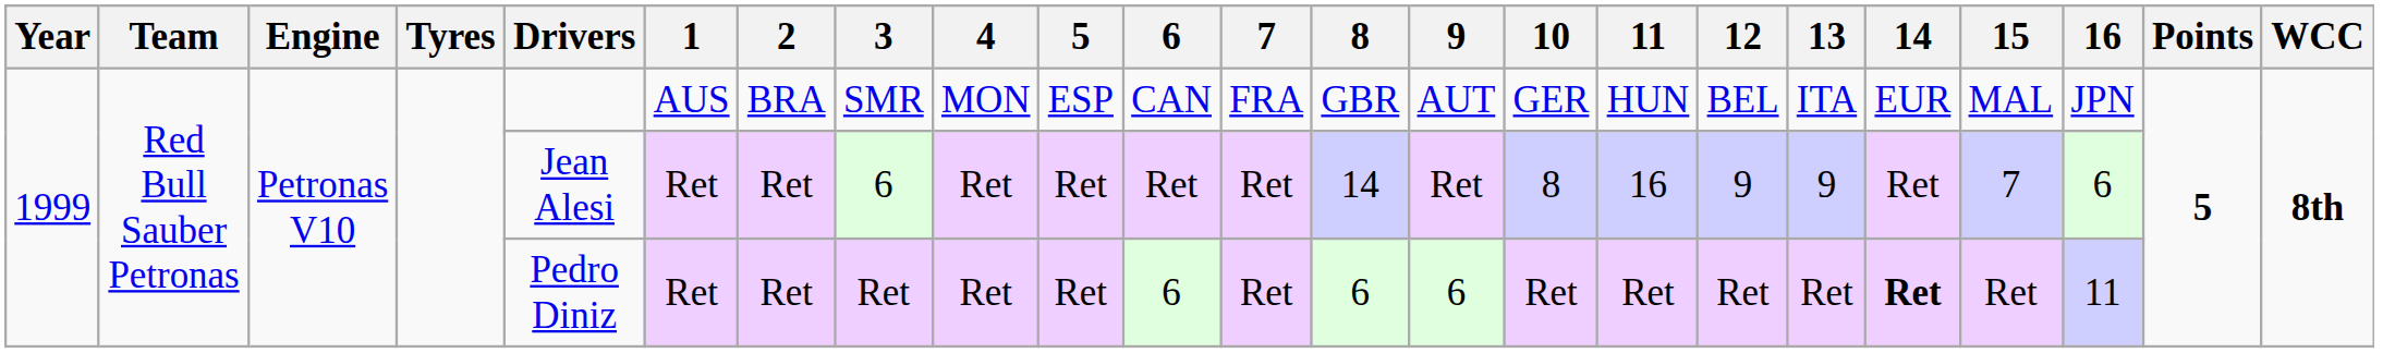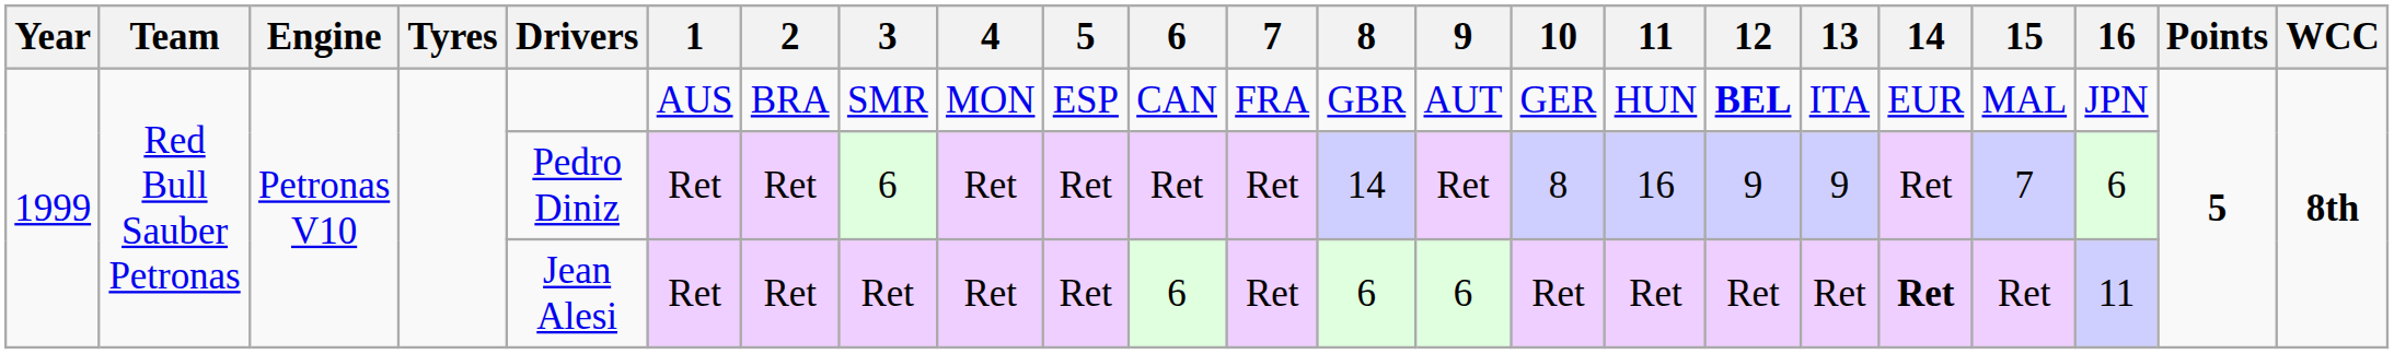 <table class="wikitable" style="text-align:center; font-size:95%">
 <tr>
 <th>Year</th>
 <th>Team</th>
 <th>Engine</th>
 <th>Tyres</th>
 <th>Drivers</th>
 <th>1</th>
 <th>2</th>
 <th>3</th>
 <th>4</th>
 <th>5</th>
 <th>6</th>
 <th>7</th>
 <th>8</th>
 <th>9</th>
 <th>10</th>
 <th>11</th>
 <th>12</th>
 <th>13</th>
 <th>14</th>
 <th>15</th>
 <th>16</th>
 <th>Points</th>
 <th>WCC</th>
 </tr>
 <tr>
 <td rowspan="3"><a href='#'>1999</a></td>
 <td rowspan="3"><a href='#'>Red Bull</a> <a href='#'>Sauber</a> <a href='#'>Petronas</a></td>
 <td rowspan="3"><a href='#'>Petronas</a> <a href='#'>V10</a></td>
 <td rowspan="3"></td>
 <td></td>
 <td><a href='#'>AUS</a></td>
 <td><a href='#'>BRA</a></td>
 <td><a href='#'>SMR</a></td>
 <td><a href='#'>MON</a></td>
 <td><a href='#'>ESP</a></td>
 <td><a href='#'>CAN</a></td>
 <td><a href='#'>FRA</a></td>
 <td><a href='#'>GBR</a></td>
 <td><a href='#'>AUT</a></td>
 <td><a href='#'>GER</a></td>
 <td><a href='#'>HUN</a></td>
-<td><a href='#'>BEL</a></td>
+<td><strong><a href='#'>BEL</a></strong></td>
 <td><a href='#'>ITA</a></td>
 <td><a href='#'>EUR</a></td>
 <td><a href='#'>MAL</a></td>
 <td><a href='#'>JPN</a></td>
 <td rowspan="3"><strong>5</strong></td>
 <td rowspan="3"><strong>8th</strong></td>
 </tr>
 <tr>
-<td> <a href='#'>Jean Alesi</a></td>
+<td> <a href='#'>Pedro Diniz</a></td>
 <td style="background:#EFCFFF;">Ret</td>
 <td style="background:#EFCFFF;">Ret</td>
 <td style="background:#DFFFDF;">6</td>
 <td style="background:#EFCFFF;">Ret</td>
 <td style="background:#EFCFFF;">Ret</td>
 <td style="background:#EFCFFF;">Ret</td>
 <td style="background:#EFCFFF;">Ret</td>
 <td style="background:#CFCFFF;">14</td>
 <td style="background:#EFCFFF;">Ret</td>
 <td style="background:#CFCFFF;">8</td>
 <td style="background:#CFCFFF;">16</td>
 <td style="background:#CFCFFF;">9</td>
 <td style="background:#CFCFFF;">9</td>
 <td style="background:#EFCFFF;">Ret</td>
 <td style="background:#CFCFFF;">7</td>
 <td style="background:#DFFFDF;">6</td>
 </tr>
 <tr>
-<td> <a href='#'>Pedro Diniz</a></td>
+<td> <a href='#'>Jean Alesi</a></td>
 <td style="background:#EFCFFF;">Ret</td>
 <td style="background:#EFCFFF;">Ret</td>
 <td style="background:#EFCFFF;">Ret</td>
 <td style="background:#EFCFFF;">Ret</td>
 <td style="background:#EFCFFF;">Ret</td>
 <td style="background:#DFFFDF;">6</td>
 <td style="background:#EFCFFF;">Ret</td>
 <td style="background:#DFFFDF;">6</td>
 <td style="background:#DFFFDF;">6</td>
 <td style="background:#EFCFFF;">Ret</td>
 <td style="background:#EFCFFF;">Ret</td>
 <td style="background:#EFCFFF;">Ret</td>
 <td style="background:#EFCFFF;">Ret</td>
 <td style="background:#EFCFFF;"><strong>Ret</strong></td>
 <td style="background:#EFCFFF;">Ret</td>
 <td style="background:#CFCFFF;">11</td>
 </tr>
 </table>
